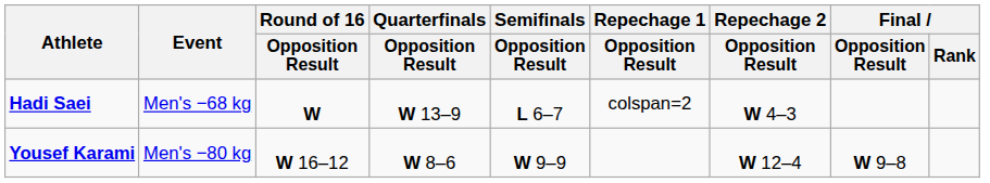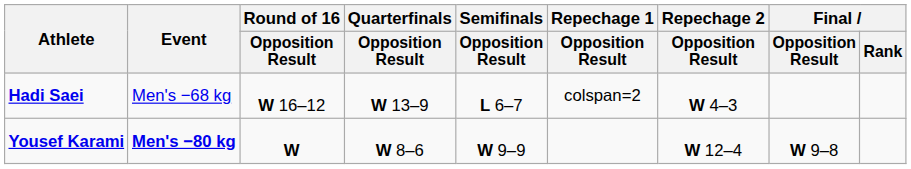 <table class="wikitable" style="font-size:90%;">
 <tr>
 <th rowspan=2>Athlete</th>
 <th rowspan=2>Event</th>
 <th>Round of 16</th>
 <th>Quarterfinals</th>
 <th>Semifinals</th>
 <th>Repechage 1</th>
 <th>Repechage 2</th>
 <th colspan=2>Final / </th>
 </tr>
 <tr style="font-size:95%">
 <th>Opposition<br>Result</th>
 <th>Opposition<br>Result</th>
 <th>Opposition<br>Result</th>
 <th>Opposition<br>Result</th>
 <th>Opposition<br>Result</th>
 <th>Opposition<br>Result</th>
 <th>Rank</th>
 </tr>
 <tr align=center>
 <td align=left><strong><a href='#'>Hadi Saei</a></strong></td>
 <td align=left><a href='#'>Men's −68 kg</a></td>
-<td><br><strong>W</strong> </td>
+<td><br><strong>W</strong> 16–12</td>
 <td><br><strong>W</strong> 13–9</td>
 <td><br><strong>L</strong> 6–7</td>
 <td>colspan=2 </td>
 <td><br><strong>W</strong> 4–3</td>
 <td></td>
 </tr>
 <tr align=center>
 <td align=left><strong><a href='#'>Yousef Karami</a></strong></td>
-<td align=left><a href='#'>Men's −80 kg</a></td>
-<td><br><strong>W</strong> 16–12</td>
+<td align=left><strong><a href='#'>Men's −80 kg</a></strong></td>
+<td><br><strong>W</strong> </td>
 <td><br><strong>W</strong> 8–6</td>
 <td><br><strong>W</strong> 9–9 </td>
 <td></td>
 <td><br><strong>W</strong> 12–4</td>
 <td><br><strong>W</strong> 9–8</td>
 <td></td>
 </tr>
 </table>
